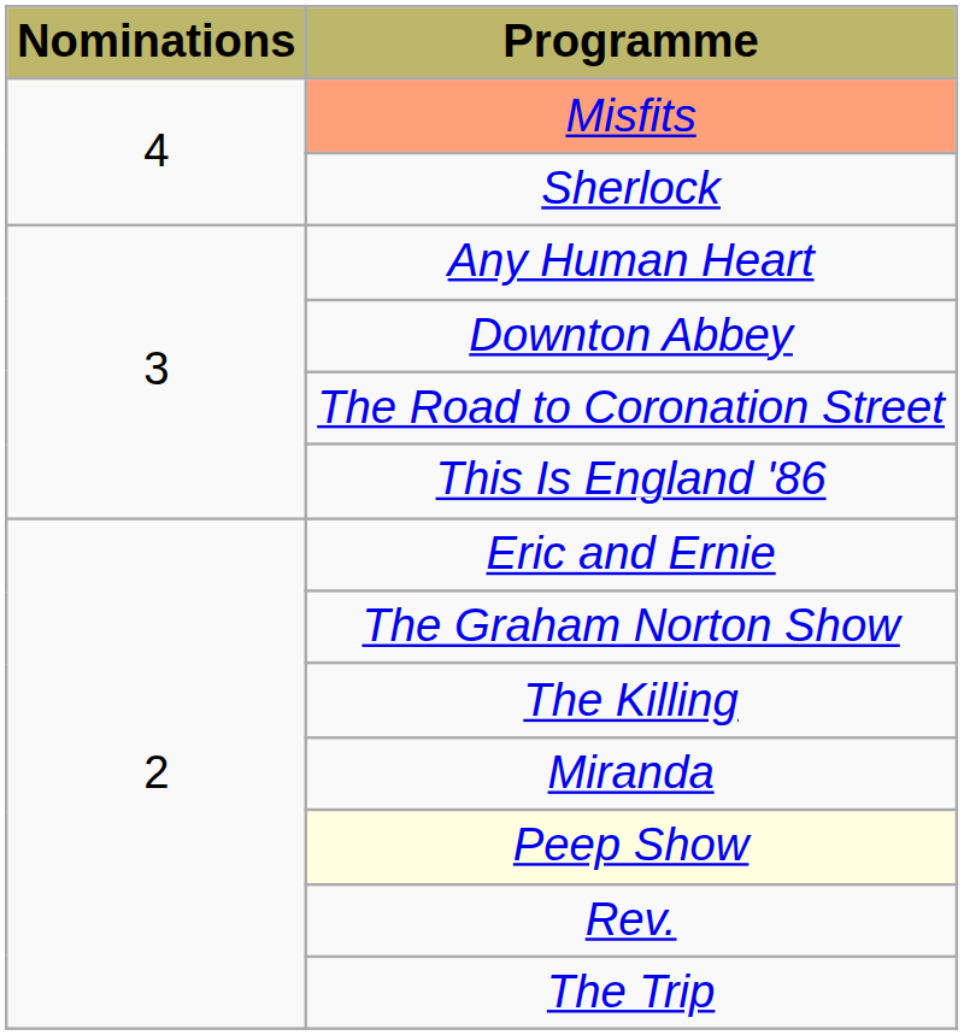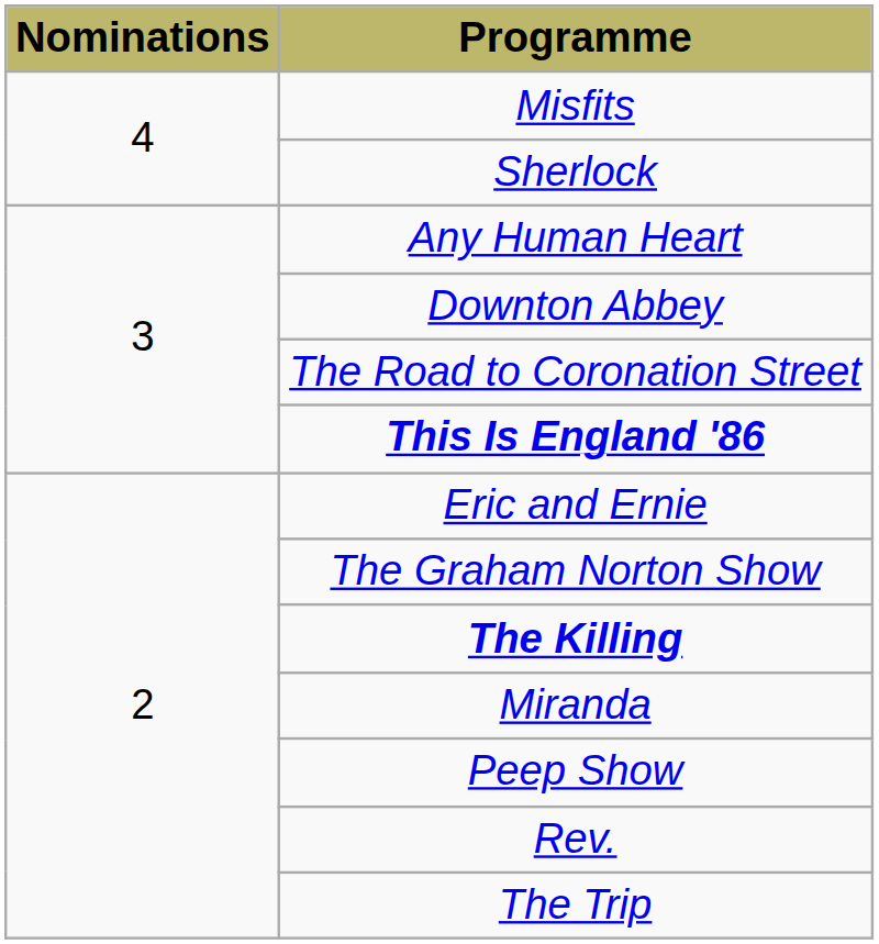 <table class="wikitable" style="text-align:center;">
 <tr>
 <th style="background:#BDB76B;">Nominations</th>
 <th style="background:#BDB76B;">Programme</th>
 </tr>
 <tr>
 <td rowspan="2">4</td>
-<td style="background: lightsalmon;"><em><a href='#'>Misfits</a></em></td>
+<td><em><a href='#'>Misfits</a></em></td>
 </tr>
 <tr>
 <td><em><a href='#'>Sherlock</a></em></td>
 </tr>
 <tr>
 <td rowspan="4">3</td>
 <td><em><a href='#'>Any Human Heart</a></em></td>
 </tr>
 <tr>
 <td><em><a href='#'>Downton Abbey</a></em></td>
 </tr>
 <tr>
 <td><em><a href='#'>The Road to Coronation Street</a></em></td>
 </tr>
 <tr>
-<td><em><a href='#'>This Is England '86</a></em></td>
+<td><strong><em><a href='#'>This Is England '86</a></em></strong></td>
 </tr>
 <tr>
 <td rowspan="8">2</td>
 <td><em><a href='#'>Eric and Ernie</a></em></td>
 </tr>
 <tr>
 <td><em><a href='#'>The Graham Norton Show</a></em></td>
 </tr>
 <tr>
-<td><em><a href='#'>The Killing</a></em></td>
+<td><strong><em><a href='#'>The Killing</a></em></strong></td>
 </tr>
 <tr>
 <td><em><a href='#'>Miranda</a></em></td>
 </tr>
 <tr>
-<td style="background: lightyellow;"><em><a href='#'>Peep Show</a></em></td>
+<td><em><a href='#'>Peep Show</a></em></td>
 </tr>
 <tr>
 <td><em><a href='#'>Rev.</a></em></td>
 </tr>
 <tr>
 <td><em><a href='#'>The Trip</a></em></td>
 </tr>
 </table>
